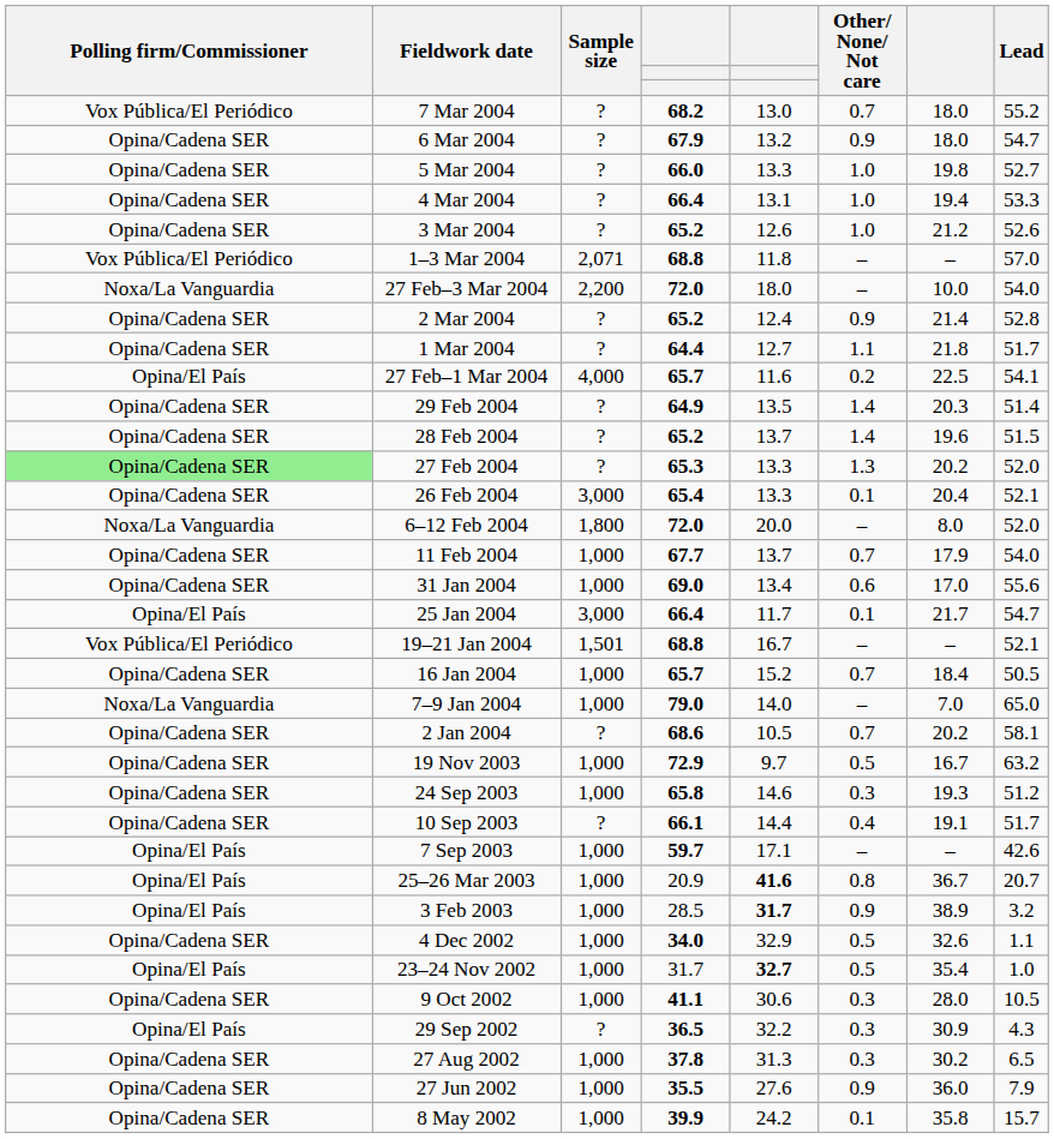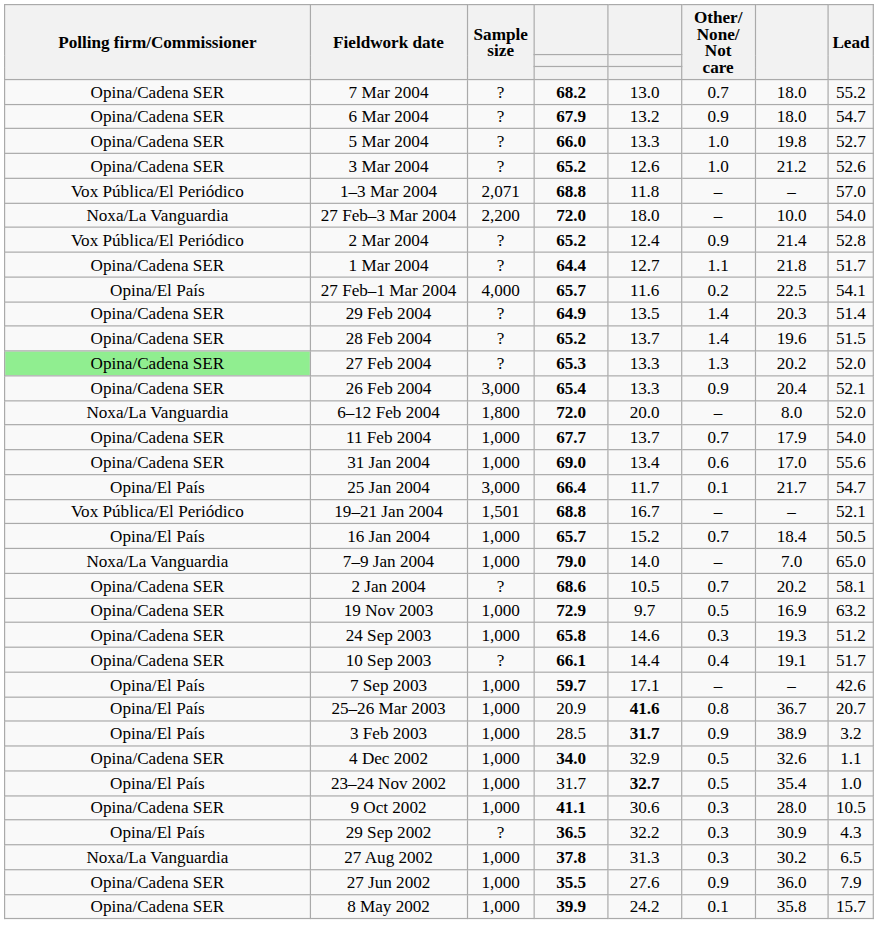 <table class="wikitable collapsible collapsed" style="text-align:center; font-size:90%; line-height:14px;">
 <tr style="height:42px;">
 <th style="width:250px;" rowspan="3">Polling firm/Commissioner</th>
 <th style="width:125px;" rowspan="3">Fieldwork date</th>
 <th style="width:50px;" rowspan="3">Sample size</th>
 <th style="width:55px;"></th>
 <th style="width:55px;"></th>
 <th style="width:55px;" rowspan="3">Other/<br>None/<br>Not<br>care</th>
 <th style="width:55px;" rowspan="3"></th>
 <th style="width:30px;" rowspan="3">Lead</th>
 </tr>
 <tr>
 <th style="color:inherit;background:"></th>
 <th style="color:inherit;background:"></th>
 </tr>
 <tr>
 <th></th>
 <th></th>
 </tr>
 <tr>
-<td>Vox Pública/El Periódico</td>
+<td>Opina/Cadena SER</td>
 <td>7 Mar 2004</td>
 <td>?</td>
 <td><strong>68.2</strong></td>
 <td>13.0</td>
 <td>0.7</td>
 <td>18.0</td>
 <td style="background:">55.2</td>
 </tr>
 <tr>
 <td>Opina/Cadena SER</td>
 <td>6 Mar 2004</td>
 <td>?</td>
 <td><strong>67.9</strong></td>
 <td>13.2</td>
 <td>0.9</td>
 <td>18.0</td>
 <td style="background:">54.7</td>
 </tr>
 <tr>
 <td>Opina/Cadena SER</td>
 <td>5 Mar 2004</td>
 <td>?</td>
 <td><strong>66.0</strong></td>
 <td>13.3</td>
 <td>1.0</td>
 <td>19.8</td>
 <td style="background:">52.7</td>
-</tr>
-<tr>
-<td>Opina/Cadena SER</td>
-<td>4 Mar 2004</td>
-<td>?</td>
-<td><strong>66.4</strong></td>
-<td>13.1</td>
-<td>1.0</td>
-<td>19.4</td>
-<td style="background:">53.3</td>
 </tr>
 <tr>
 <td>Opina/Cadena SER</td>
 <td>3 Mar 2004</td>
 <td>?</td>
 <td><strong>65.2</strong></td>
 <td>12.6</td>
 <td>1.0</td>
 <td>21.2</td>
 <td style="background:">52.6</td>
 </tr>
 <tr>
 <td>Vox Pública/El Periódico</td>
 <td>1–3 Mar 2004</td>
 <td>2,071</td>
 <td><strong>68.8</strong></td>
 <td>11.8</td>
 <td>–</td>
 <td>–</td>
 <td style="background:">57.0</td>
 </tr>
 <tr>
 <td>Noxa/La Vanguardia</td>
 <td>27 Feb–3 Mar 2004</td>
 <td>2,200</td>
 <td><strong>72.0</strong></td>
 <td>18.0</td>
 <td>–</td>
 <td>10.0</td>
 <td style="background:">54.0</td>
 </tr>
 <tr>
-<td>Opina/Cadena SER</td>
+<td>Vox Pública/El Periódico</td>
 <td>2 Mar 2004</td>
 <td>?</td>
 <td><strong>65.2</strong></td>
 <td>12.4</td>
 <td>0.9</td>
 <td>21.4</td>
 <td style="background:">52.8</td>
 </tr>
 <tr>
 <td>Opina/Cadena SER</td>
 <td>1 Mar 2004</td>
 <td>?</td>
 <td><strong>64.4</strong></td>
 <td>12.7</td>
 <td>1.1</td>
 <td>21.8</td>
 <td style="background:">51.7</td>
 </tr>
 <tr>
 <td>Opina/El País</td>
 <td>27 Feb–1 Mar 2004</td>
 <td>4,000</td>
 <td><strong>65.7</strong></td>
 <td>11.6</td>
 <td>0.2</td>
 <td>22.5</td>
 <td style="background:">54.1</td>
 </tr>
 <tr>
 <td>Opina/Cadena SER</td>
 <td>29 Feb 2004</td>
 <td>?</td>
 <td><strong>64.9</strong></td>
 <td>13.5</td>
 <td>1.4</td>
 <td>20.3</td>
 <td style="background:">51.4</td>
 </tr>
 <tr>
 <td>Opina/Cadena SER</td>
 <td>28 Feb 2004</td>
 <td>?</td>
 <td><strong>65.2</strong></td>
 <td>13.7</td>
 <td>1.4</td>
 <td>19.6</td>
 <td style="background:">51.5</td>
 </tr>
 <tr>
 <td style="background: lightgreen;">Opina/Cadena SER</td>
 <td>27 Feb 2004</td>
 <td>?</td>
 <td><strong>65.3</strong></td>
 <td>13.3</td>
 <td>1.3</td>
 <td>20.2</td>
 <td style="background:">52.0</td>
 </tr>
 <tr>
 <td>Opina/Cadena SER</td>
 <td>26 Feb 2004</td>
 <td>3,000</td>
 <td><strong>65.4</strong></td>
 <td>13.3</td>
-<td>0.1</td>
+<td>0.9</td>
 <td>20.4</td>
 <td style="background:">52.1</td>
 </tr>
 <tr>
 <td>Noxa/La Vanguardia</td>
 <td>6–12 Feb 2004</td>
 <td>1,800</td>
 <td><strong>72.0</strong></td>
 <td>20.0</td>
 <td>–</td>
 <td>8.0</td>
 <td style="background:">52.0</td>
 </tr>
 <tr>
 <td>Opina/Cadena SER</td>
 <td>11 Feb 2004</td>
 <td>1,000</td>
 <td><strong>67.7</strong></td>
 <td>13.7</td>
 <td>0.7</td>
 <td>17.9</td>
 <td style="background:">54.0</td>
 </tr>
 <tr>
 <td>Opina/Cadena SER</td>
 <td>31 Jan 2004</td>
 <td>1,000</td>
 <td><strong>69.0</strong></td>
 <td>13.4</td>
 <td>0.6</td>
 <td>17.0</td>
 <td style="background:">55.6</td>
 </tr>
 <tr>
 <td>Opina/El País</td>
 <td>25 Jan 2004</td>
 <td>3,000</td>
 <td><strong>66.4</strong></td>
 <td>11.7</td>
 <td>0.1</td>
 <td>21.7</td>
 <td style="background:">54.7</td>
 </tr>
 <tr>
 <td>Vox Pública/El Periódico</td>
 <td>19–21 Jan 2004</td>
 <td>1,501</td>
 <td><strong>68.8</strong></td>
 <td>16.7</td>
 <td>–</td>
 <td>–</td>
 <td style="background:">52.1</td>
 </tr>
 <tr>
-<td>Opina/Cadena SER</td>
+<td>Opina/El País</td>
 <td>16 Jan 2004</td>
 <td>1,000</td>
 <td><strong>65.7</strong></td>
 <td>15.2</td>
 <td>0.7</td>
 <td>18.4</td>
 <td style="background:">50.5</td>
 </tr>
 <tr>
 <td>Noxa/La Vanguardia</td>
 <td>7–9 Jan 2004</td>
 <td>1,000</td>
 <td><strong>79.0</strong></td>
 <td>14.0</td>
 <td>–</td>
 <td>7.0</td>
 <td style="background:">65.0</td>
 </tr>
 <tr>
 <td>Opina/Cadena SER</td>
 <td>2 Jan 2004</td>
 <td>?</td>
 <td><strong>68.6</strong></td>
 <td>10.5</td>
 <td>0.7</td>
 <td>20.2</td>
 <td style="background:">58.1</td>
 </tr>
 <tr>
 <td>Opina/Cadena SER</td>
 <td>19 Nov 2003</td>
 <td>1,000</td>
 <td><strong>72.9</strong></td>
 <td>9.7</td>
 <td>0.5</td>
-<td>16.7</td>
+<td>16.9</td>
 <td style="background:">63.2</td>
 </tr>
 <tr>
 <td>Opina/Cadena SER</td>
 <td>24 Sep 2003</td>
 <td>1,000</td>
 <td><strong>65.8</strong></td>
 <td>14.6</td>
 <td>0.3</td>
 <td>19.3</td>
 <td style="background:">51.2</td>
 </tr>
 <tr>
 <td>Opina/Cadena SER</td>
 <td>10 Sep 2003</td>
 <td>?</td>
 <td><strong>66.1</strong></td>
 <td>14.4</td>
 <td>0.4</td>
 <td>19.1</td>
 <td style="background:">51.7</td>
 </tr>
 <tr>
 <td>Opina/El País</td>
 <td>7 Sep 2003</td>
 <td>1,000</td>
 <td><strong>59.7</strong></td>
 <td>17.1</td>
 <td>–</td>
 <td>–</td>
 <td style="background:">42.6</td>
 </tr>
 <tr>
 <td>Opina/El País</td>
 <td>25–26 Mar 2003</td>
 <td>1,000</td>
 <td>20.9</td>
 <td><strong>41.6</strong></td>
 <td>0.8</td>
 <td>36.7</td>
 <td style="background:">20.7</td>
 </tr>
 <tr>
 <td>Opina/El País</td>
 <td>3 Feb 2003</td>
 <td>1,000</td>
 <td>28.5</td>
 <td><strong>31.7</strong></td>
 <td>0.9</td>
 <td>38.9</td>
 <td style="background:">3.2</td>
 </tr>
 <tr>
 <td>Opina/Cadena SER</td>
 <td>4 Dec 2002</td>
 <td>1,000</td>
 <td><strong>34.0</strong></td>
 <td>32.9</td>
 <td>0.5</td>
 <td>32.6</td>
 <td style="background:">1.1</td>
 </tr>
 <tr>
 <td>Opina/El País</td>
 <td>23–24 Nov 2002</td>
 <td>1,000</td>
 <td>31.7</td>
 <td><strong>32.7</strong></td>
 <td>0.5</td>
 <td>35.4</td>
 <td style="background:">1.0</td>
 </tr>
 <tr>
 <td>Opina/Cadena SER</td>
 <td>9 Oct 2002</td>
 <td>1,000</td>
 <td><strong>41.1</strong></td>
 <td>30.6</td>
 <td>0.3</td>
 <td>28.0</td>
 <td style="background:">10.5</td>
 </tr>
 <tr>
 <td>Opina/El País</td>
 <td>29 Sep 2002</td>
 <td>?</td>
 <td><strong>36.5</strong></td>
 <td>32.2</td>
 <td>0.3</td>
 <td>30.9</td>
 <td style="background:">4.3</td>
 </tr>
 <tr>
-<td>Opina/Cadena SER</td>
+<td>Noxa/La Vanguardia</td>
 <td>27 Aug 2002</td>
 <td>1,000</td>
 <td><strong>37.8</strong></td>
 <td>31.3</td>
 <td>0.3</td>
 <td>30.2</td>
 <td style="background:">6.5</td>
 </tr>
 <tr>
 <td>Opina/Cadena SER</td>
 <td>27 Jun 2002</td>
 <td>1,000</td>
 <td><strong>35.5</strong></td>
 <td>27.6</td>
 <td>0.9</td>
 <td>36.0</td>
 <td style="background:">7.9</td>
 </tr>
 <tr>
 <td>Opina/Cadena SER</td>
 <td>8 May 2002</td>
 <td>1,000</td>
 <td><strong>39.9</strong></td>
 <td>24.2</td>
 <td>0.1</td>
 <td>35.8</td>
 <td style="background:">15.7</td>
 </tr>
 </table>
